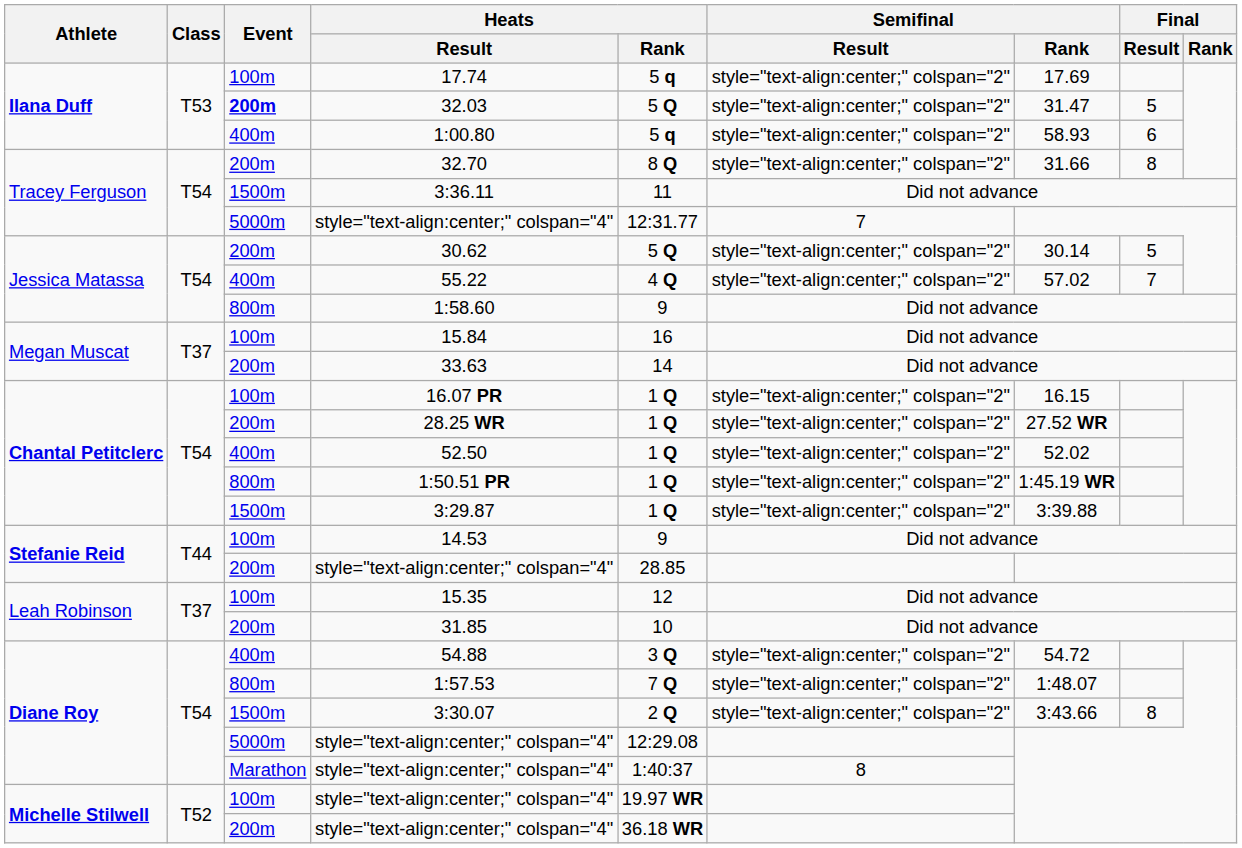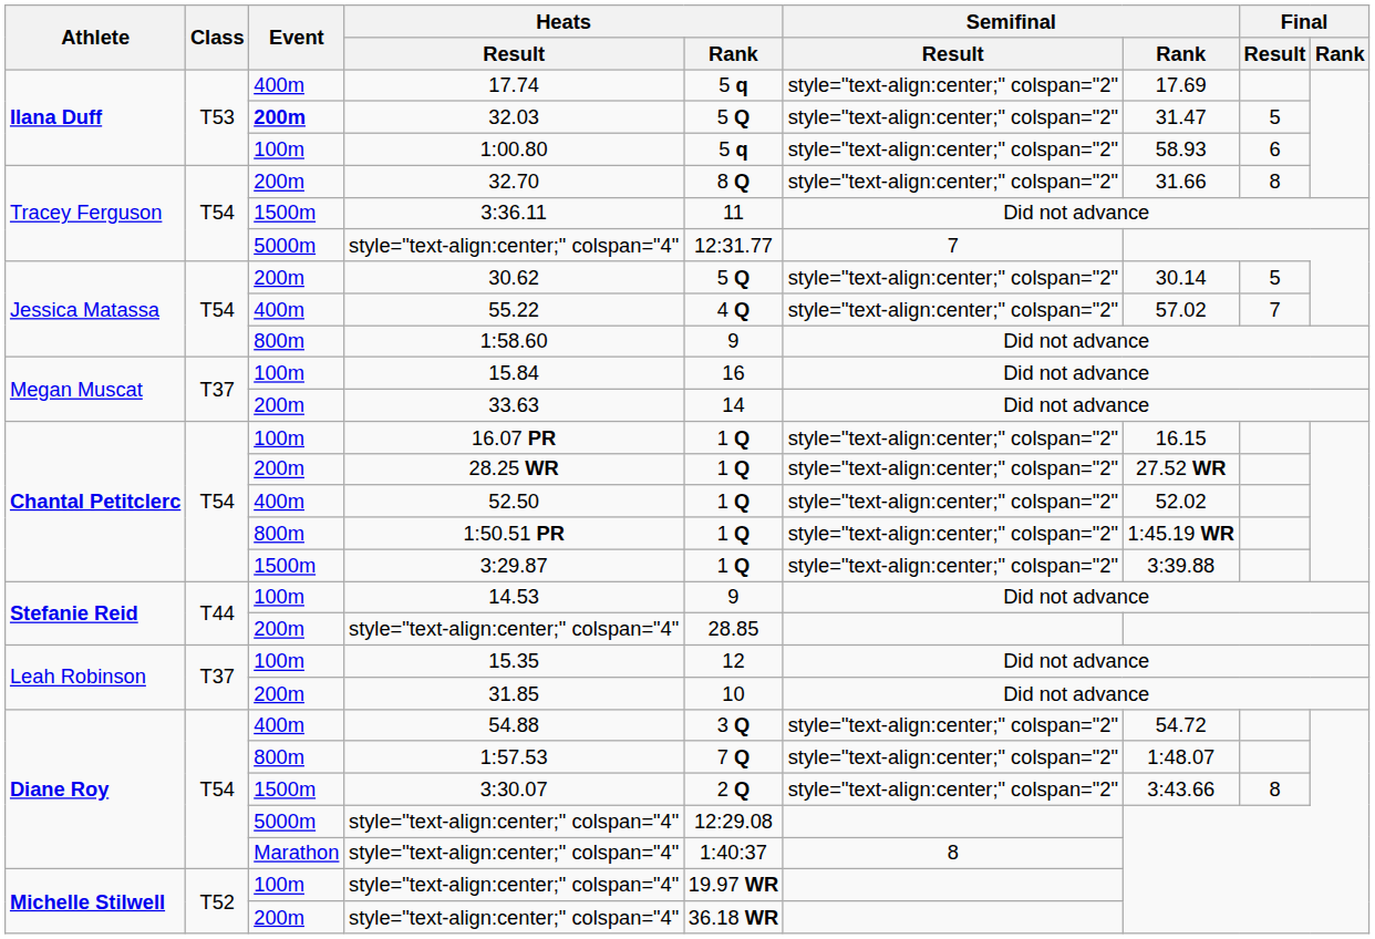 <table class=wikitable style="font-size:90%">
 <tr>
 <th rowspan="2">Athlete</th>
 <th rowspan="2">Class</th>
 <th rowspan="2">Event</th>
 <th colspan="2">Heats</th>
 <th colspan="2">Semifinal</th>
 <th colspan="2">Final</th>
 </tr>
 <tr>
 <th>Result</th>
 <th>Rank</th>
 <th>Result</th>
 <th>Rank</th>
 <th>Result</th>
 <th>Rank</th>
 </tr>
 <tr>
 <td rowspan="3"><strong><a href='#'>Ilana Duff</a></strong></td>
 <td rowspan="3" style="text-align:center;">T53</td>
-<td><a href='#'>100m</a></td>
+<td><a href='#'>400m</a></td>
 <td style="text-align:center;">17.74</td>
 <td style="text-align:center;">5 <strong>q</strong></td>
 <td>style="text-align:center;" colspan="2" </td>
 <td style="text-align:center;">17.69</td>
 <td style="text-align:center;"></td>
 </tr>
 <tr>
 <td><strong><a href='#'>200m</a></strong></td>
 <td style="text-align:center;">32.03</td>
 <td style="text-align:center;">5 <strong>Q</strong></td>
 <td>style="text-align:center;" colspan="2" </td>
 <td style="text-align:center;">31.47</td>
 <td style="text-align:center;">5</td>
 </tr>
 <tr>
-<td><a href='#'>400m</a></td>
+<td><a href='#'>100m</a></td>
 <td style="text-align:center;">1:00.80</td>
 <td style="text-align:center;">5 <strong>q</strong></td>
 <td>style="text-align:center;" colspan="2" </td>
 <td style="text-align:center;">58.93</td>
 <td style="text-align:center;">6</td>
 </tr>
 <tr>
 <td rowspan="3"><a href='#'>Tracey Ferguson</a></td>
 <td rowspan="3" style="text-align:center;">T54</td>
 <td><a href='#'>200m</a></td>
 <td style="text-align:center;">32.70</td>
 <td style="text-align:center;">8 <strong>Q</strong></td>
 <td>style="text-align:center;" colspan="2" </td>
 <td style="text-align:center;">31.66</td>
 <td style="text-align:center;">8</td>
 </tr>
 <tr>
 <td><a href='#'>1500m</a></td>
 <td style="text-align:center;">3:36.11</td>
 <td style="text-align:center;">11</td>
 <td style="text-align:center;" colspan="4">Did not advance</td>
 </tr>
 <tr>
 <td><a href='#'>5000m</a></td>
 <td>style="text-align:center;" colspan="4" </td>
 <td style="text-align:center;">12:31.77</td>
 <td style="text-align:center;">7</td>
 </tr>
 <tr>
 <td rowspan="3"><a href='#'>Jessica Matassa</a></td>
 <td rowspan="3" style="text-align:center;">T54</td>
 <td><a href='#'>200m</a></td>
 <td style="text-align:center;">30.62</td>
 <td style="text-align:center;">5 <strong>Q</strong></td>
 <td>style="text-align:center;" colspan="2" </td>
 <td style="text-align:center;">30.14</td>
 <td style="text-align:center;">5</td>
 </tr>
 <tr>
 <td><a href='#'>400m</a></td>
 <td style="text-align:center;">55.22</td>
 <td style="text-align:center;">4 <strong>Q</strong></td>
 <td>style="text-align:center;" colspan="2" </td>
 <td style="text-align:center;">57.02</td>
 <td style="text-align:center;">7</td>
 </tr>
 <tr>
 <td><a href='#'>800m</a></td>
 <td style="text-align:center;">1:58.60</td>
 <td style="text-align:center;">9</td>
 <td style="text-align:center;" colspan="4">Did not advance</td>
 </tr>
 <tr>
 <td rowspan="2"><a href='#'>Megan Muscat</a></td>
 <td rowspan="2" style="text-align:center;">T37</td>
 <td><a href='#'>100m</a></td>
 <td style="text-align:center;">15.84</td>
 <td style="text-align:center;">16</td>
 <td style="text-align:center;" colspan="4">Did not advance</td>
 </tr>
 <tr>
 <td><a href='#'>200m</a></td>
 <td style="text-align:center;">33.63</td>
 <td style="text-align:center;">14</td>
 <td style="text-align:center;" colspan="4">Did not advance</td>
 </tr>
 <tr>
 <td rowspan="5"><strong><a href='#'>Chantal Petitclerc</a></strong></td>
 <td rowspan="5" style="text-align:center;">T54</td>
 <td><a href='#'>100m</a></td>
 <td style="text-align:center;">16.07 <strong>PR</strong></td>
 <td style="text-align:center;">1 <strong>Q</strong></td>
 <td>style="text-align:center;" colspan="2" </td>
 <td style="text-align:center;">16.15</td>
 <td style="text-align:center;"></td>
 </tr>
 <tr>
 <td><a href='#'>200m</a></td>
 <td style="text-align:center;">28.25 <strong>WR</strong></td>
 <td style="text-align:center;">1 <strong>Q</strong></td>
 <td>style="text-align:center;" colspan="2" </td>
 <td style="text-align:center;">27.52 <strong>WR</strong></td>
 <td style="text-align:center;"></td>
 </tr>
 <tr>
 <td><a href='#'>400m</a></td>
 <td style="text-align:center;">52.50</td>
 <td style="text-align:center;">1 <strong>Q</strong></td>
 <td>style="text-align:center;" colspan="2" </td>
 <td style="text-align:center;">52.02</td>
 <td style="text-align:center;"></td>
 </tr>
 <tr>
 <td><a href='#'>800m</a></td>
 <td style="text-align:center;">1:50.51 <strong>PR</strong></td>
 <td style="text-align:center;">1 <strong>Q</strong></td>
 <td>style="text-align:center;" colspan="2" </td>
 <td style="text-align:center;">1:45.19 <strong>WR</strong></td>
 <td style="text-align:center;"></td>
 </tr>
 <tr>
 <td><a href='#'>1500m</a></td>
 <td style="text-align:center;">3:29.87</td>
 <td style="text-align:center;">1 <strong>Q</strong></td>
 <td>style="text-align:center;" colspan="2" </td>
 <td style="text-align:center;">3:39.88</td>
 <td style="text-align:center;"></td>
 </tr>
 <tr>
 <td rowspan="2"><strong><a href='#'>Stefanie Reid</a></strong></td>
 <td rowspan="2" style="text-align:center;">T44</td>
 <td><a href='#'>100m</a></td>
 <td style="text-align:center;">14.53</td>
 <td style="text-align:center;">9</td>
 <td style="text-align:center;" colspan="4">Did not advance</td>
 </tr>
 <tr>
 <td><a href='#'>200m</a></td>
 <td>style="text-align:center;" colspan="4" </td>
 <td style="text-align:center;">28.85</td>
 <td style="text-align:center;"></td>
 </tr>
 <tr>
 <td rowspan="2"><a href='#'>Leah Robinson</a></td>
 <td rowspan="2" style="text-align:center;">T37</td>
 <td><a href='#'>100m</a></td>
 <td style="text-align:center;">15.35</td>
 <td style="text-align:center;">12</td>
 <td style="text-align:center;" colspan="4">Did not advance</td>
 </tr>
 <tr>
 <td><a href='#'>200m</a></td>
 <td style="text-align:center;">31.85</td>
 <td style="text-align:center;">10</td>
 <td style="text-align:center;" colspan="4">Did not advance</td>
 </tr>
 <tr>
 <td rowspan="5"><strong><a href='#'>Diane Roy</a></strong></td>
 <td rowspan="5" style="text-align:center;">T54</td>
 <td><a href='#'>400m</a></td>
 <td style="text-align:center;">54.88</td>
 <td style="text-align:center;">3 <strong>Q</strong></td>
 <td>style="text-align:center;" colspan="2" </td>
 <td style="text-align:center;">54.72</td>
 <td style="text-align:center;"></td>
 </tr>
 <tr>
 <td><a href='#'>800m</a></td>
 <td style="text-align:center;">1:57.53</td>
 <td style="text-align:center;">7 <strong>Q</strong></td>
 <td>style="text-align:center;" colspan="2" </td>
 <td style="text-align:center;">1:48.07</td>
 <td style="text-align:center;"></td>
 </tr>
 <tr>
 <td><a href='#'>1500m</a></td>
 <td style="text-align:center;">3:30.07</td>
 <td style="text-align:center;">2 <strong>Q</strong></td>
 <td>style="text-align:center;" colspan="2" </td>
 <td style="text-align:center;">3:43.66</td>
 <td style="text-align:center;">8</td>
 </tr>
 <tr>
 <td><a href='#'>5000m</a></td>
 <td>style="text-align:center;" colspan="4" </td>
 <td style="text-align:center;">12:29.08</td>
 <td style="text-align:center;"></td>
 </tr>
 <tr>
 <td><a href='#'>Marathon</a></td>
 <td>style="text-align:center;" colspan="4" </td>
 <td style="text-align:center;">1:40:37</td>
 <td style="text-align:center;">8</td>
 </tr>
 <tr>
 <td rowspan="2"><strong><a href='#'>Michelle Stilwell</a></strong></td>
 <td rowspan="2" style="text-align:center;">T52</td>
 <td><a href='#'>100m</a></td>
 <td>style="text-align:center;" colspan="4" </td>
 <td style="text-align:center;">19.97 <strong>WR</strong></td>
 <td style="text-align:center;"></td>
 </tr>
 <tr>
 <td><a href='#'>200m</a></td>
 <td>style="text-align:center;" colspan="4" </td>
 <td style="text-align:center;">36.18 <strong>WR</strong></td>
 <td style="text-align:center;"></td>
 </tr>
 </table>
